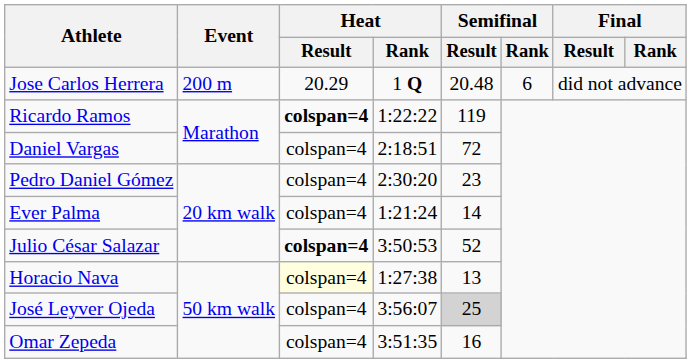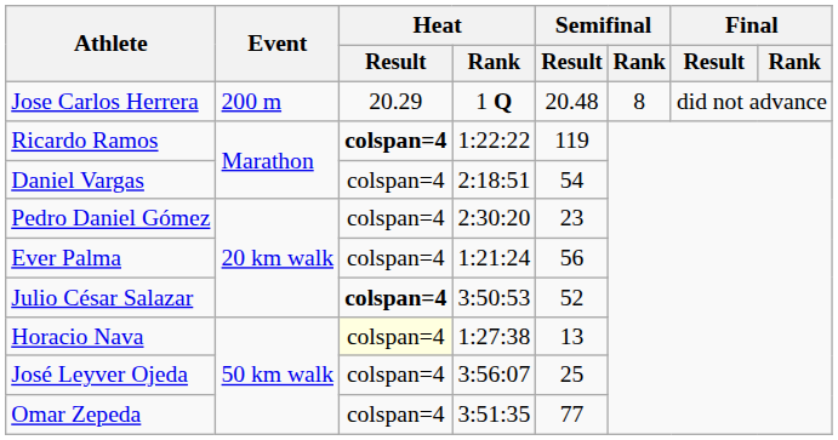 <table class="wikitable" style="font-size:90%">
 <tr>
 <th rowspan="2">Athlete</th>
 <th rowspan="2">Event</th>
 <th colspan="2">Heat</th>
 <th colspan="2">Semifinal</th>
 <th colspan="2">Final</th>
 </tr>
 <tr style="font-size:95%">
 <th>Result</th>
 <th>Rank</th>
 <th>Result</th>
 <th>Rank</th>
 <th>Result</th>
 <th>Rank</th>
 </tr>
 <tr align=center>
 <td align=left><a href='#'>Jose Carlos Herrera</a></td>
 <td align=left><a href='#'>200 m</a></td>
 <td>20.29</td>
 <td>1 <strong>Q</strong></td>
 <td>20.48</td>
-<td>6</td>
+<td>8</td>
 <td colspan=2>did not advance</td>
 </tr>
 <tr align=center>
 <td align=left><a href='#'>Ricardo Ramos</a></td>
 <td align=left rowspan=2><a href='#'>Marathon</a></td>
 <td><strong>colspan=4 </strong></td>
 <td>1:22:22</td>
 <td>119</td>
 </tr>
 <tr align=center>
 <td align=left><a href='#'>Daniel Vargas</a></td>
 <td>colspan=4 </td>
 <td>2:18:51</td>
-<td>72</td>
+<td>54</td>
 </tr>
 <tr align=center>
 <td align=left><a href='#'>Pedro Daniel Gómez</a></td>
 <td align=left rowspan=3><a href='#'>20 km walk</a></td>
 <td>colspan=4 </td>
 <td>2:30:20</td>
 <td>23</td>
 </tr>
 <tr align=center>
 <td align=left><a href='#'>Ever Palma</a></td>
 <td>colspan=4 </td>
 <td>1:21:24</td>
-<td>14</td>
+<td>56</td>
 </tr>
 <tr align=center>
 <td align=left><a href='#'>Julio César Salazar</a></td>
 <td><strong>colspan=4 </strong></td>
 <td>3:50:53</td>
 <td>52</td>
 </tr>
 <tr align=center>
 <td align=left><a href='#'>Horacio Nava</a></td>
 <td align=left rowspan=3><a href='#'>50 km walk</a></td>
 <td style="background: lightyellow;">colspan=4 </td>
 <td>1:27:38</td>
 <td>13</td>
 </tr>
 <tr align=center>
 <td align=left><a href='#'>José Leyver Ojeda</a></td>
 <td>colspan=4 </td>
 <td>3:56:07</td>
-<td style="background: lightgrey;">25</td>
+<td>25</td>
 </tr>
 <tr align=center>
 <td align=left><a href='#'>Omar Zepeda</a></td>
 <td>colspan=4 </td>
 <td>3:51:35</td>
-<td>16</td>
+<td>77</td>
 </tr>
 </table>
